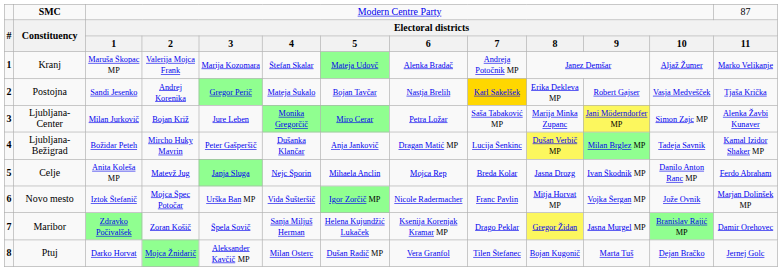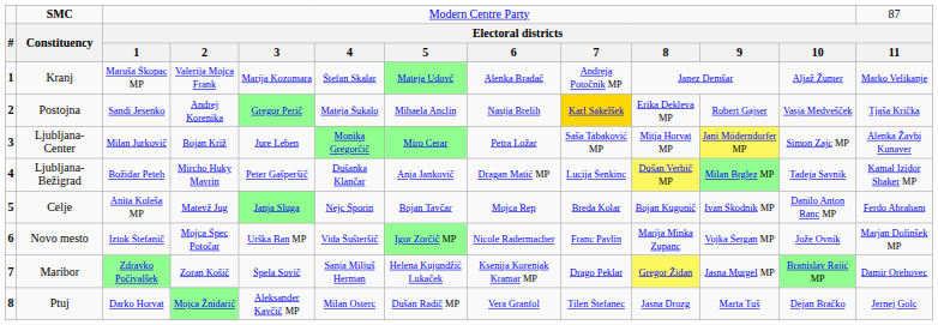 <table class="wikitable" style="text-align: center;">
 <tr>
 <td style="background:"></td>
 <td><strong>SMC</strong></td>
 <td colspan="10"><a href='#'>Modern Centre Party</a><br></td>
 <td>87<br></td>
 </tr>
 <tr>
 <th rowspan="2">#</th>
 <th rowspan="2">Constituency</th>
 <th colspan="11">Electoral districts</th>
 </tr>
 <tr>
 <th>1</th>
 <th>2</th>
 <th>3</th>
 <th>4</th>
 <th>5</th>
 <th>6</th>
 <th>7</th>
 <th>8</th>
 <th>9</th>
 <th>10</th>
 <th>11</th>
 </tr>
 <tr>
 <td style="text-align:center;"><strong>1</strong></td>
 <td>Kranj</td>
 <td><small><a href='#'>Maruša Škopac</a> MP</small></td>
 <td><a href='#'><small>Valerija Mojca Frank</small></a></td>
 <td><a href='#'><small>Marija Kozomara</small></a></td>
 <td><a href='#'><small>Štefan Skalar</small></a></td>
 <td style="background:#90FF90;"><a href='#'><small>Mateja Udovč</small></a></td>
 <td><a href='#'><small>Alenka Bradač</small></a></td>
 <td><small><a href='#'>Andreja Potočnik</a> MP</small></td>
 <td colspan="2"><a href='#'><small>Janez Demšar</small></a></td>
 <td><a href='#'><small>Aljaž Žumer</small></a></td>
 <td><a href='#'><small>Marko Velikanje</small></a></td>
 </tr>
 <tr>
 <td style="text-align:center;"><strong>2</strong></td>
 <td>Postojna</td>
 <td><a href='#'><small>Sandi Jesenko</small></a></td>
 <td><a href='#'><small>Andrej Korenika</small></a></td>
 <td style="background:#90FF90;"><a href='#'><small>Gregor Perič</small></a></td>
 <td><a href='#'><small>Mateja Šukalo</small></a></td>
-<td><a href='#'><small>Bojan Tavčar</small></a></td>
+<td><a href='#'><small>Mihaela Anclin</small></a></td>
 <td><a href='#'><small>Nastja Brelih</small></a></td>
 <td style="background: gold;"><a href='#'><small>Karl Sakelšek</small></a></td>
 <td><small><a href='#'>Erika Dekleva</a> MP</small></td>
 <td><a href='#'><small>Robert Gajser</small></a></td>
 <td><a href='#'><small>Vasja Medvešček</small></a></td>
 <td><a href='#'><small>Tjaša Krička</small></a></td>
 </tr>
 <tr>
 <td style="text-align:center;"><strong>3</strong></td>
 <td>Ljubljana-Center</td>
 <td><a href='#'><small>Milan Jurkovič</small></a></td>
 <td><a href='#'><small>Bojan Križ</small></a></td>
 <td><a href='#'><small>Jure Leben</small></a></td>
 <td style="background:#90FF90;"><a href='#'><small>Monika Gregorčič</small></a></td>
 <td style="background:#90FF90;"><a href='#'><small>Miro Cerar</small></a></td>
 <td><a href='#'><small>Petra Ložar</small></a></td>
 <td><small><a href='#'>Saša Tabaković</a> MP</small></td>
-<td><a href='#'><small>Marija Minka Zupanc</small></a></td>
+<td><small><a href='#'>Mitja Horvat</a> MP</small></td>
 <td style="background:#FCF75E;"><small><a href='#'>Jani Möderndorfer</a> MP</small></td>
 <td><small><a href='#'>Simon Zajc</a> MP</small></td>
 <td><a href='#'><small>Alenka Žavbi Kunaver</small></a></td>
 </tr>
 <tr>
 <td style="text-align:center;"><strong>4</strong></td>
 <td>Ljubljana-Bežigrad</td>
 <td><a href='#'><small>Božidar Peteh</small></a></td>
 <td><a href='#'><small>Mircho Huky Mavrin</small></a></td>
 <td><a href='#'><small>Peter Gašperšič</small></a></td>
 <td><a href='#'><small>Dušanka Klančar</small></a></td>
 <td><a href='#'><small>Anja Jankovič</small></a></td>
 <td><small><a href='#'>Dragan Matić</a> MP</small></td>
 <td><a href='#'><small>Lucija Šenkinc</small></a></td>
 <td style="background:#FCF75E;"><small><a href='#'>Dušan Verbič</a> MP</small></td>
 <td style="background:#90FF90;"><small><a href='#'>Milan Brglez</a> MP</small></td>
 <td><a href='#'><small>Tadeja Savnik</small></a></td>
 <td><small><a href='#'>Kamal Izidor Shaker</a> MP</small></td>
 </tr>
 <tr>
 <td style="text-align:center;"><strong>5</strong></td>
 <td>Celje</td>
 <td><small><a href='#'>Anita Koleša</a> MP</small></td>
 <td><a href='#'><small>Matevž Jug</small></a></td>
 <td style="background:#90FF90;"><a href='#'><small>Janja Sluga</small></a></td>
 <td><a href='#'><small>Nejc Šporin</small></a></td>
-<td><a href='#'><small>Mihaela Anclin</small></a></td>
+<td><a href='#'><small>Bojan Tavčar</small></a></td>
 <td><a href='#'><small>Mojca Rep</small></a></td>
 <td><a href='#'><small>Breda Kolar</small></a></td>
-<td><a href='#'><small>Jasna Drozg</small></a></td>
+<td><a href='#'><small>Bojan Kugonič</small></a></td>
 <td><small><a href='#'>Ivan Škodnik</a> MP</small></td>
 <td><small><a href='#'>Danilo Anton Ranc</a> MP</small></td>
 <td><a href='#'><small>Ferdo Abraham</small></a></td>
 </tr>
 <tr>
 <td style="text-align:center;"><strong>6</strong></td>
 <td>Novo mesto</td>
 <td><a href='#'><small>Iztok Štefanič</small></a></td>
 <td><a href='#'><small>Mojca Špec Potočar</small></a></td>
 <td><small><a href='#'>Urška Ban</a> MP</small></td>
 <td><a href='#'><small>Vida Šušteršič</small></a></td>
 <td style="background:#90FF90;"><small><a href='#'>Igor Zorčič</a> MP</small></td>
 <td><a href='#'><small>Nicole Radermacher</small></a></td>
 <td><a href='#'><small>Franc Pavlin</small></a></td>
-<td><small><a href='#'>Mitja Horvat</a> MP</small></td>
+<td><a href='#'><small>Marija Minka Zupanc</small></a></td>
 <td><small><a href='#'>Vojka Šergan</a> MP</small></td>
 <td><a href='#'><small>Jože Ovnik</small></a></td>
 <td><small><a href='#'>Marjan Dolinšek</a> MP</small></td>
 </tr>
 <tr>
 <td style="text-align:center;"><strong>7</strong></td>
 <td>Maribor</td>
 <td style="background:#90FF90;"><a href='#'><small>Zdravko Počivalšek</small></a></td>
 <td><a href='#'><small>Zoran Košič</small></a></td>
 <td><a href='#'><small>Špela Sovič</small></a></td>
 <td><a href='#'><small>Sanja Miljuš Herman</small></a></td>
 <td><a href='#'><small>Helena Kujundžić Lukaček</small></a></td>
 <td><small><a href='#'>Ksenija Korenjak Kramar</a> MP</small></td>
 <td><a href='#'><small>Drago Peklar</small></a></td>
 <td style="background:#FCF75E;"><a href='#'><small>Gregor Židan</small></a></td>
 <td><small><a href='#'>Jasna Murgel</a> MP</small></td>
 <td style="background:#90FF90;"><small><a href='#'>Branislav Rajić</a> MP</small></td>
 <td><a href='#'><small>Damir Orehovec</small></a></td>
 </tr>
 <tr>
 <td style="text-align:center;"><strong>8</strong></td>
 <td>Ptuj</td>
 <td><a href='#'><small>Darko Horvat</small></a></td>
 <td style="background:#90FF90;"><a href='#'><small>Mojca Žnidarič</small></a></td>
 <td><a href='#'><small>Aleksander Kavčič</small></a> <small>MP</small></td>
 <td><a href='#'><small>Milan Osterc</small></a></td>
 <td><small><a href='#'>Dušan Radič</a> MP</small></td>
 <td><a href='#'><small>Vera Granfol</small></a></td>
 <td><a href='#'><small>Tilen Štefanec</small></a></td>
-<td><a href='#'><small>Bojan Kugonič</small></a></td>
+<td><a href='#'><small>Jasna Drozg</small></a></td>
 <td><a href='#'><small>Marta Tuš</small></a></td>
 <td><a href='#'><small>Dejan Bračko</small></a></td>
 <td><a href='#'><small>Jernej Golc</small></a></td>
 </tr>
 </table>
